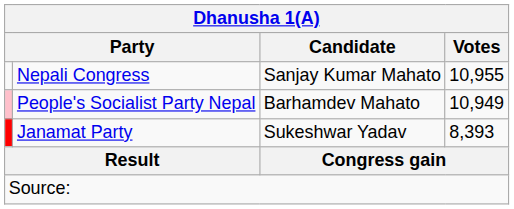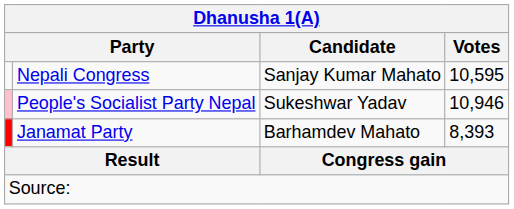 <table class="wikitable">
 <tr>
 <th colspan="4"><a href='#'>Dhanusha 1(A)</a></th>
 </tr>
 <tr>
 <th colspan="2">Party</th>
 <th>Candidate</th>
 <th>Votes</th>
 </tr>
 <tr>
 <td style="background-color:"></td>
 <td><a href='#'>Nepali Congress</a></td>
 <td>Sanjay Kumar Mahato</td>
-<td>10,955</td>
+<td>10,595</td>
 </tr>
 <tr>
 <td style="background-color:#FFC0CB"></td>
 <td><a href='#'>People's Socialist Party Nepal</a></td>
-<td>Barhamdev Mahato</td>
-<td>10,949</td>
+<td>Sukeshwar Yadav</td>
+<td>10,946</td>
 </tr>
 <tr>
 <td style="background-color:#FF0000"></td>
 <td><a href='#'>Janamat Party</a></td>
-<td>Sukeshwar Yadav</td>
+<td>Barhamdev Mahato</td>
 <td>8,393</td>
 </tr>
 <tr>
 <th colspan="2">Result</th>
 <th colspan="2">Congress gain</th>
 </tr>
 <tr>
 <td colspan="4">Source: </td>
 </tr>
 </table>
